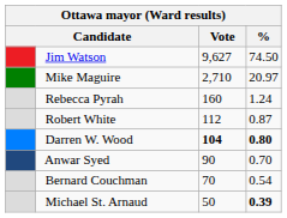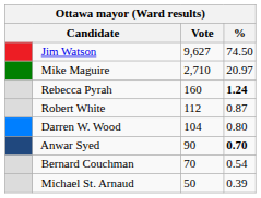 <table class="wikitable">
 <tr>
 <th colspan="4">Ottawa mayor (Ward results)</th>
 </tr>
 <tr>
 <th bgcolor="#DDDDFF" width="230px" colspan="2">Candidate</th>
 <th bgcolor="#DDDDFF" width="50px">Vote</th>
 <th bgcolor="#DDDDFF" width="30px">%</th>
 </tr>
 <tr>
 <td bgcolor=#ED1D24 width="30px"> </td>
 <td>  <a href='#'>Jim Watson</a></td>
 <td>9,627</td>
 <td>74.50</td>
 </tr>
 <tr>
 <td bgcolor=#008000 width="30px"> </td>
 <td>  Mike Maguire</td>
 <td>2,710</td>
 <td>20.97</td>
 </tr>
 <tr>
 <td bgcolor=#DCDCDC width="30px"> </td>
 <td>  Rebecca Pyrah</td>
 <td>160</td>
-<td>1.24</td>
+<td><strong>1.24</strong></td>
 </tr>
 <tr>
 <td bgcolor=#DCDCDC width="30px"> </td>
 <td>  Robert White</td>
 <td>112</td>
 <td>0.87</td>
 </tr>
 <tr>
 <td bgcolor=#007FFF width="30px"> </td>
 <td>  Darren W. Wood</td>
-<td><strong>104</strong></td>
-<td><strong>0.80</strong></td>
+<td>104</td>
+<td>0.80</td>
 </tr>
 <tr>
 <td bgcolor=#20487E width="30px"> </td>
 <td>  Anwar Syed</td>
 <td>90</td>
-<td>0.70</td>
+<td><strong>0.70</strong></td>
 </tr>
 <tr>
 <td bgcolor=#DCDCDC width="30px"> </td>
 <td>  Bernard Couchman</td>
 <td>70</td>
 <td>0.54</td>
 </tr>
 <tr>
 <td bgcolor=#DCDCDC width="30px"> </td>
 <td>  Michael St. Arnaud</td>
 <td>50</td>
-<td><strong>0.39</strong></td>
+<td>0.39</td>
 </tr>
 </table>
